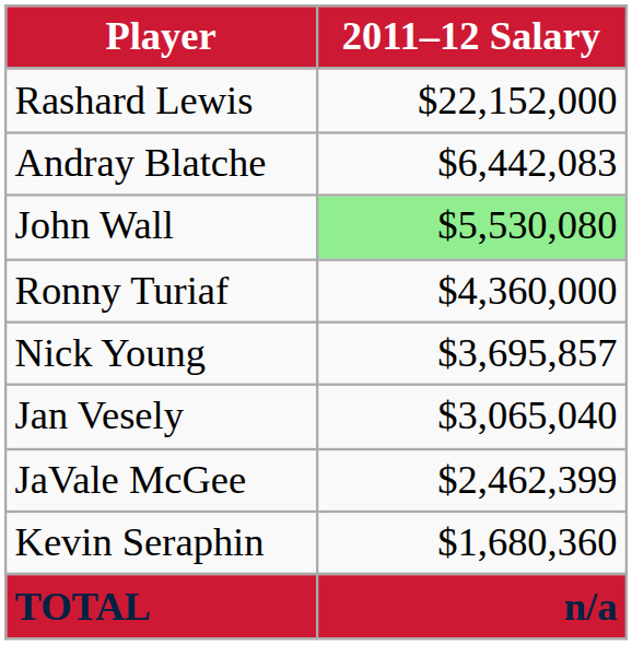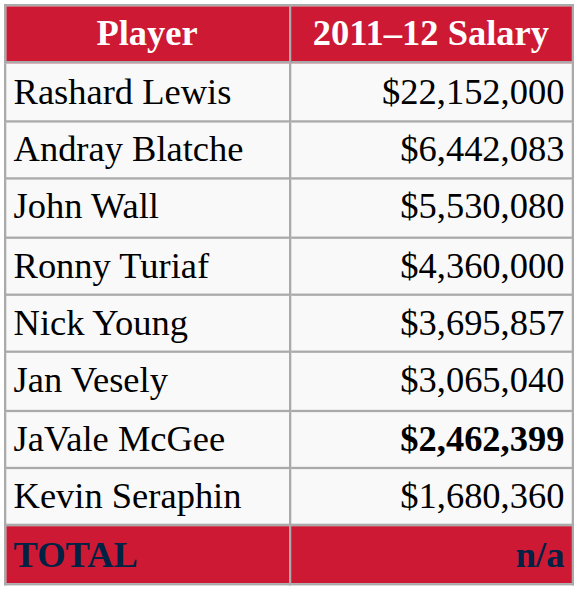 <table width=250 px; class="wikitable sortable sortable">
 <tr>
 <th style="background:#CD1934; color:white" width="50%">Player</th>
 <th style="background:#CD1934; color:white" width="50%">2011–12 Salary</th>
 </tr>
 <tr>
 <td>Rashard Lewis</td>
 <td align="right">$22,152,000</td>
 </tr>
 <tr>
 <td>Andray Blatche</td>
 <td align="right">$6,442,083</td>
 </tr>
 <tr>
 <td>John Wall</td>
-<td align="right" style="background: lightgreen;">$5,530,080</td>
+<td align="right">$5,530,080</td>
 </tr>
 <tr>
 <td>Ronny Turiaf</td>
 <td align="right">$4,360,000</td>
 </tr>
 <tr>
 <td>Nick Young</td>
 <td align="right">$3,695,857</td>
 </tr>
 <tr>
 <td>Jan Vesely</td>
 <td align="right">$3,065,040</td>
 </tr>
 <tr>
 <td>JaVale McGee</td>
-<td align="right">$2,462,399</td>
+<td align="right"><strong>$2,462,399</strong></td>
 </tr>
 <tr>
 <td>Kevin Seraphin</td>
 <td align="right">$1,680,360</td>
 </tr>
 <tr>
 </tr>
 <tr class="sortbottom">
 <td style="background:#CD1934; color:#002244" width="50%"><strong>TOTAL</strong></td>
 <td style="background:#CD1934; color:#002244" width="50%" align="right"><strong>n/a</strong></td>
 </tr>
 </table>
